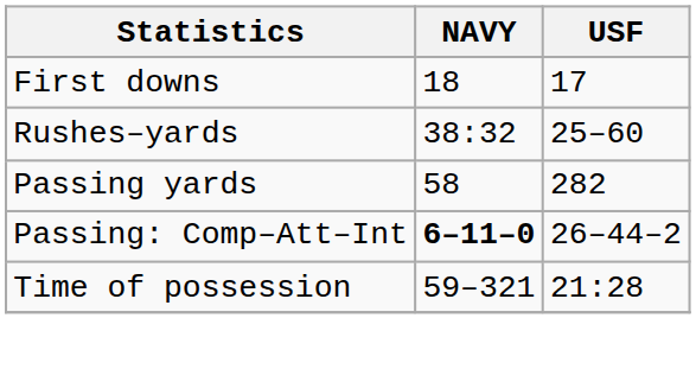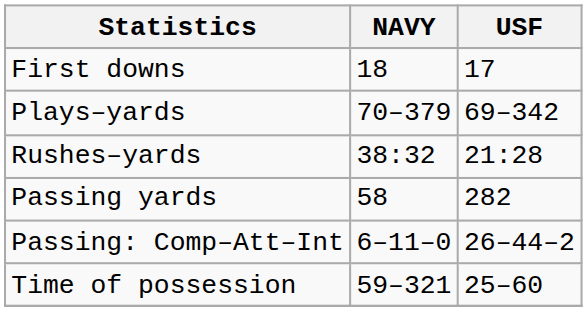 <table class="wikitable" style="float: left;">
 <tr>
 <th>Statistics</th>
 <th>NAVY</th>
 <th>USF</th>
 </tr>
 <tr>
 <td>First downs</td>
 <td>18</td>
 <td>17</td>
 </tr>
 <tr>
+<td>Plays–yards</td>
+<td>70–379</td>
+<td>69–342</td>
+</tr>
+<tr>
 <td>Rushes–yards</td>
 <td>38:32</td>
-<td>25–60</td>
+<td>21:28</td>
 </tr>
 <tr>
 <td>Passing yards</td>
 <td>58</td>
 <td>282</td>
 </tr>
 <tr>
 <td>Passing: Comp–Att–Int</td>
-<td><strong>6–11–0</strong></td>
+<td>6–11–0</td>
 <td>26–44–2</td>
 </tr>
 <tr>
 <td>Time of possession</td>
 <td>59–321</td>
-<td>21:28</td>
+<td>25–60</td>
 </tr>
 <tr>
 </tr>
 </table>
